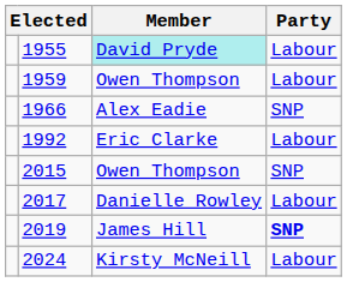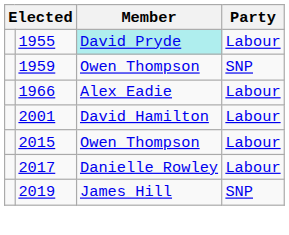 <table class="wikitable">
 <tr>
 <th colspan="2">Elected</th>
 <th>Member</th>
 <th>Party</th>
 </tr>
 <tr>
 <td style="color:inherit;background-color: "></td>
 <td><a href='#'>1955</a></td>
 <td style="background: paleturquoise;"><a href='#'>David Pryde</a></td>
 <td><a href='#'>Labour</a></td>
 </tr>
 <tr>
 <td style="color:inherit;background-color: "></td>
 <td><a href='#'>1959</a></td>
 <td><a href='#'>Owen Thompson</a></td>
-<td><a href='#'>Labour</a></td>
+<td><a href='#'>SNP</a></td>
 </tr>
 <tr>
 <td style="color:inherit;background-color: "></td>
 <td><a href='#'>1966</a></td>
 <td><a href='#'>Alex Eadie</a></td>
-<td><a href='#'>SNP</a></td>
+<td><a href='#'>Labour</a></td>
 </tr>
 <tr>
 <td style="color:inherit;background-color: "></td>
-<td><a href='#'>1992</a></td>
-<td><a href='#'>Eric Clarke</a></td>
+<td><a href='#'>2001</a></td>
+<td><a href='#'>David Hamilton</a></td>
 <td><a href='#'>Labour</a></td>
 </tr>
 <tr>
 <td style="color:inherit;background-color: "></td>
 <td><a href='#'>2015</a></td>
 <td><a href='#'>Owen Thompson</a></td>
-<td><a href='#'>SNP</a></td>
+<td><a href='#'>Labour</a></td>
 </tr>
 <tr>
 <td style="color:inherit;background-color: "></td>
 <td><a href='#'>2017</a></td>
 <td><a href='#'>Danielle Rowley</a></td>
 <td><a href='#'>Labour</a></td>
 </tr>
 <tr>
 <td style="color:inherit;background-color: "></td>
 <td><a href='#'>2019</a></td>
 <td><a href='#'>James Hill</a></td>
-<td><strong><a href='#'>SNP</a></strong></td>
-</tr>
-<tr>
-<td style="color:inherit;background-color: "></td>
-<td><a href='#'>2024</a></td>
-<td><a href='#'>Kirsty McNeill</a></td>
-<td><a href='#'>Labour</a></td>
+<td><a href='#'>SNP</a></td>
 </tr>
 </table>
